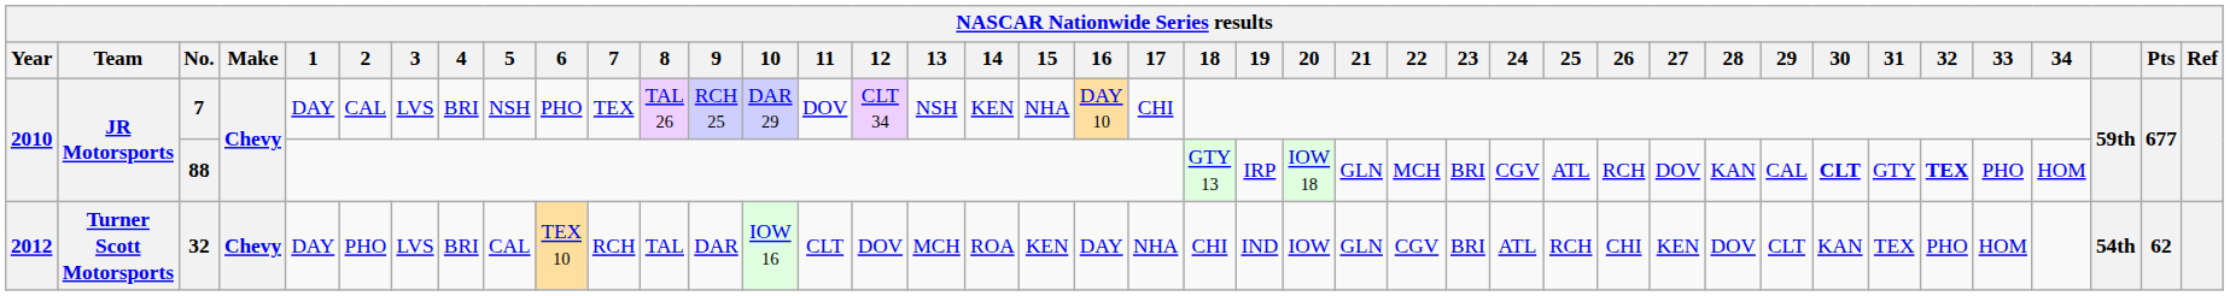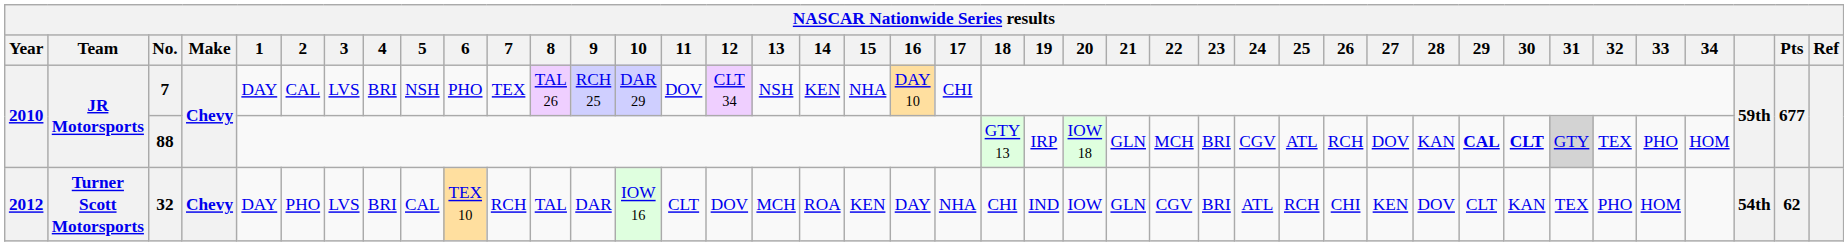 <table class="wikitable" style="text-align:center; font-size:75%">
 <tr>
 <th colspan=42><a href='#'>NASCAR Nationwide Series</a> results</th>
 </tr>
 <tr>
 <th>Year</th>
 <th>Team</th>
 <th>No.</th>
 <th>Make</th>
 <th>1</th>
 <th>2</th>
 <th>3</th>
 <th>4</th>
 <th>5</th>
 <th>6</th>
 <th>7</th>
 <th>8</th>
 <th>9</th>
 <th>10</th>
 <th>11</th>
 <th>12</th>
 <th>13</th>
 <th>14</th>
 <th>15</th>
 <th>16</th>
 <th>17</th>
 <th>18</th>
 <th>19</th>
 <th>20</th>
 <th>21</th>
 <th>22</th>
 <th>23</th>
 <th>24</th>
 <th>25</th>
 <th>26</th>
 <th>27</th>
 <th>28</th>
 <th>29</th>
 <th>30</th>
 <th>31</th>
 <th>32</th>
 <th>33</th>
 <th>34</th>
 <th></th>
 <th>Pts</th>
 <th>Ref</th>
 </tr>
 <tr>
 <th rowspan=2><a href='#'>2010</a></th>
 <th rowspan=2><a href='#'>JR Motorsports</a></th>
 <th>7</th>
 <th rowspan=2><a href='#'>Chevy</a></th>
 <td><a href='#'>DAY</a></td>
 <td><a href='#'>CAL</a></td>
 <td><a href='#'>LVS</a></td>
 <td><a href='#'>BRI</a></td>
 <td><a href='#'>NSH</a></td>
 <td><a href='#'>PHO</a></td>
 <td><a href='#'>TEX</a></td>
 <td style="background:#EFCFFF;"><a href='#'>TAL</a><br><small>26</small></td>
 <td style="background:#CFCFFF;"><a href='#'>RCH</a><br><small>25</small></td>
 <td style="background:#CFCFFF;"><a href='#'>DAR</a><br><small>29</small></td>
 <td><a href='#'>DOV</a></td>
 <td style="background:#EFCFFF;"><a href='#'>CLT</a><br><small>34</small></td>
 <td><a href='#'>NSH</a></td>
 <td><a href='#'>KEN</a></td>
 <td><a href='#'>NHA</a></td>
 <td style="background:#FFDF9F;"><a href='#'>DAY</a><br><small>10</small></td>
 <td><a href='#'>CHI</a></td>
 <td colspan=17></td>
 <th rowspan=2>59th</th>
 <th rowspan=2>677</th>
 <th rowspan=2></th>
 </tr>
 <tr>
 <th>88</th>
 <td colspan=17></td>
 <td style="background:#DFFFDF;"><a href='#'>GTY</a><br><small>13</small></td>
 <td><a href='#'>IRP</a></td>
 <td style="background:#DFFFDF;"><a href='#'>IOW</a><br><small>18</small></td>
 <td><a href='#'>GLN</a></td>
 <td><a href='#'>MCH</a></td>
 <td><a href='#'>BRI</a></td>
 <td><a href='#'>CGV</a></td>
 <td><a href='#'>ATL</a></td>
 <td><a href='#'>RCH</a></td>
 <td><a href='#'>DOV</a></td>
 <td><a href='#'>KAN</a></td>
-<td><a href='#'>CAL</a></td>
+<td><strong><a href='#'>CAL</a></strong></td>
 <td><strong><a href='#'>CLT</a></strong></td>
-<td><a href='#'>GTY</a></td>
-<td><strong><a href='#'>TEX</a></strong></td>
+<td style="background: lightgrey;"><a href='#'>GTY</a></td>
+<td><a href='#'>TEX</a></td>
 <td><a href='#'>PHO</a></td>
 <td><a href='#'>HOM</a></td>
 </tr>
 <tr>
 <th><a href='#'>2012</a></th>
 <th><a href='#'>Turner Scott Motorsports</a></th>
 <th>32</th>
 <th><a href='#'>Chevy</a></th>
 <td><a href='#'>DAY</a></td>
 <td><a href='#'>PHO</a></td>
 <td><a href='#'>LVS</a></td>
 <td><a href='#'>BRI</a></td>
 <td><a href='#'>CAL</a></td>
 <td style="background:#FFDF9F;"><a href='#'>TEX</a><br><small>10</small></td>
 <td><a href='#'>RCH</a></td>
 <td><a href='#'>TAL</a></td>
 <td><a href='#'>DAR</a></td>
 <td style="background:#DFFFDF;"><a href='#'>IOW</a><br><small>16</small></td>
 <td><a href='#'>CLT</a></td>
 <td><a href='#'>DOV</a></td>
 <td><a href='#'>MCH</a></td>
 <td><a href='#'>ROA</a></td>
 <td><a href='#'>KEN</a></td>
 <td><a href='#'>DAY</a></td>
 <td><a href='#'>NHA</a></td>
 <td><a href='#'>CHI</a></td>
 <td><a href='#'>IND</a></td>
 <td><a href='#'>IOW</a></td>
 <td><a href='#'>GLN</a></td>
 <td><a href='#'>CGV</a></td>
 <td><a href='#'>BRI</a></td>
 <td><a href='#'>ATL</a></td>
 <td><a href='#'>RCH</a></td>
 <td><a href='#'>CHI</a></td>
 <td><a href='#'>KEN</a></td>
 <td><a href='#'>DOV</a></td>
 <td><a href='#'>CLT</a></td>
 <td><a href='#'>KAN</a></td>
 <td><a href='#'>TEX</a></td>
 <td><a href='#'>PHO</a></td>
 <td><a href='#'>HOM</a></td>
 <td></td>
 <th>54th</th>
 <th>62</th>
 <th></th>
 </tr>
 </table>
